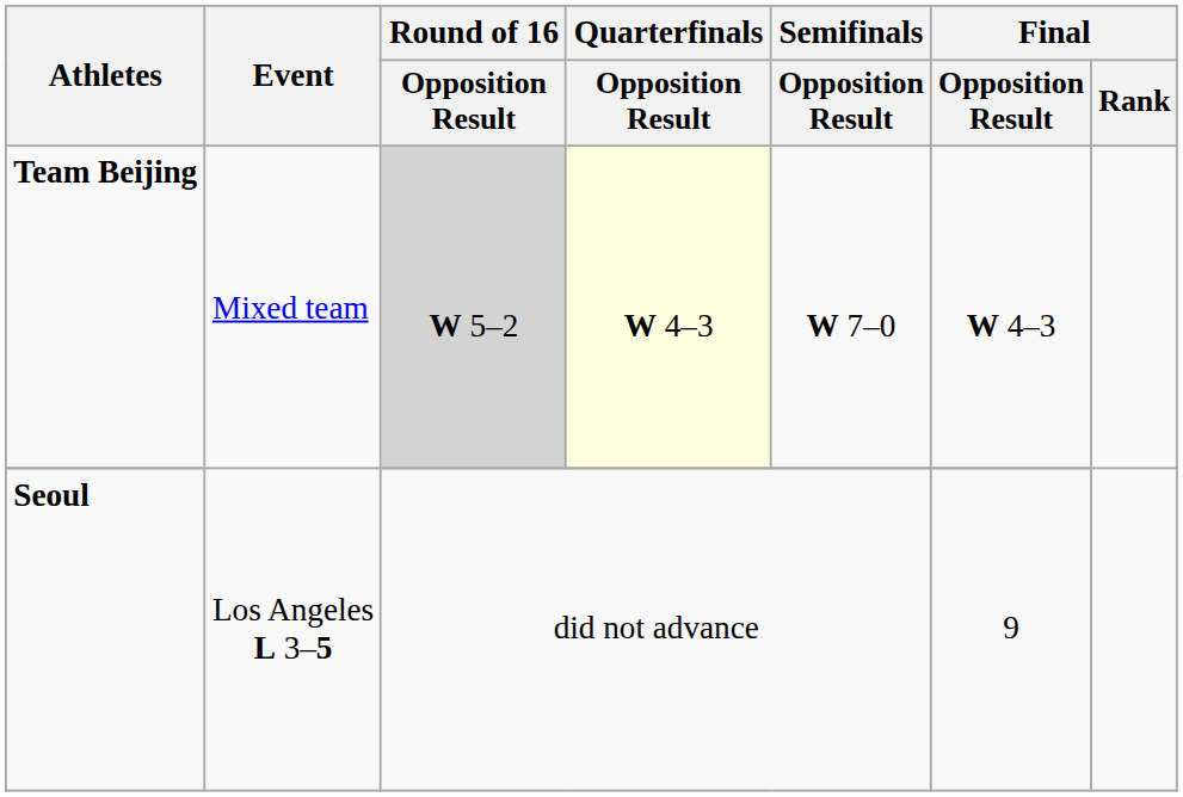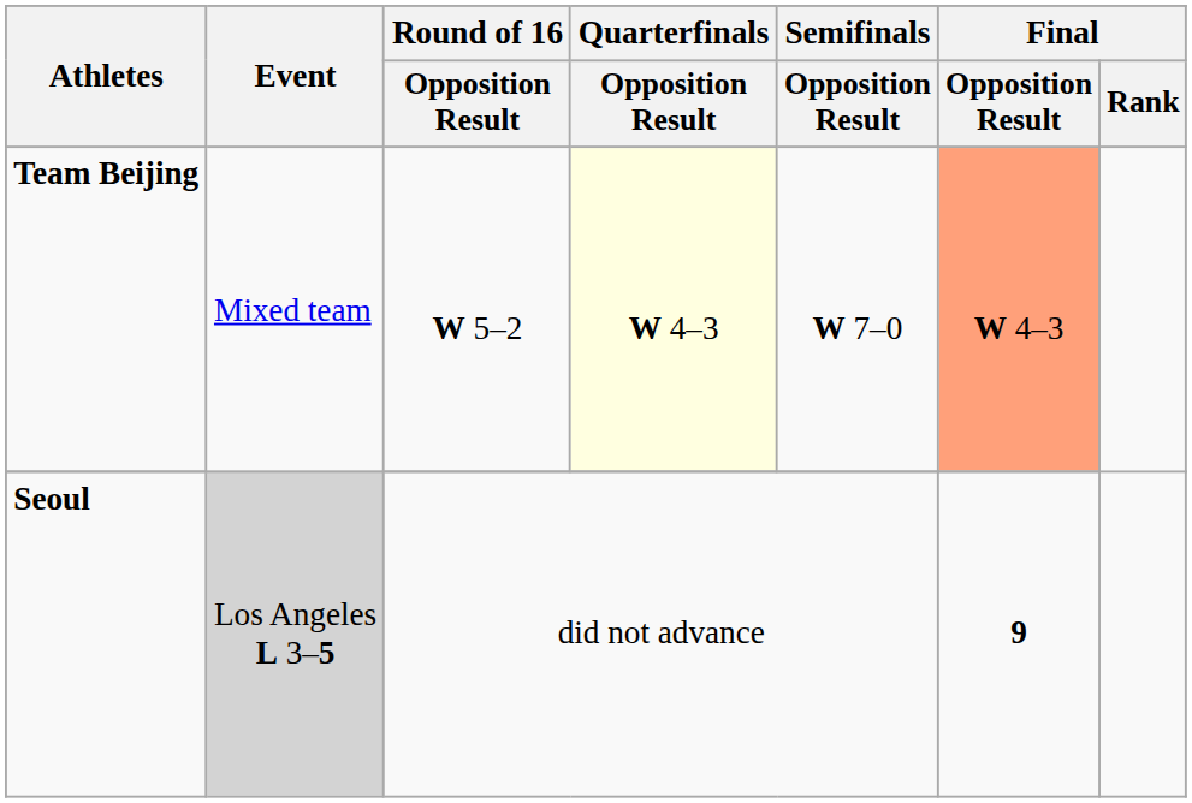 <table class="wikitable" style="font-size:90%">
 <tr>
 <th rowspan=2>Athletes</th>
 <th rowspan=2>Event</th>
 <th>Round of 16</th>
 <th>Quarterfinals</th>
 <th>Semifinals</th>
 <th colspan=2>Final</th>
 </tr>
 <tr style="font-size:95%">
 <th>Opposition<br>Result</th>
 <th>Opposition<br>Result</th>
 <th>Opposition<br>Result</th>
 <th>Opposition<br>Result</th>
 <th>Rank</th>
 </tr>
 <tr align=center>
 <td align=left><strong>Team Beijing</strong><br><br><br><br><br><br><br><br></td>
 <td rowspan=2 align=left><a href='#'>Mixed team</a></td>
-<td style="background: lightgrey;"><br><strong>W</strong> 5–2</td>
+<td><br><strong>W</strong> 5–2</td>
 <td style="background: lightyellow;"><br><strong>W</strong> 4–3</td>
 <td><br><strong>W</strong> 7–0</td>
-<td><br><strong>W</strong> 4–3</td>
+<td style="background: lightsalmon;"><br><strong>W</strong> 4–3</td>
 <td></td>
 </tr>
 <tr align=center>
 </tr>
 <tr align=center>
 <td align=left><strong>Seoul</strong><br><br> <br><br><br><br><br><br></td>
-<td>Los Angeles <br> <strong>L</strong> 3–<strong>5</strong></td>
+<td style="background: lightgrey;">Los Angeles <br> <strong>L</strong> 3–<strong>5</strong></td>
 <td colspan="3">did not advance</td>
-<td>9</td>
+<td><strong>9</strong></td>
 </tr>
 </table>
